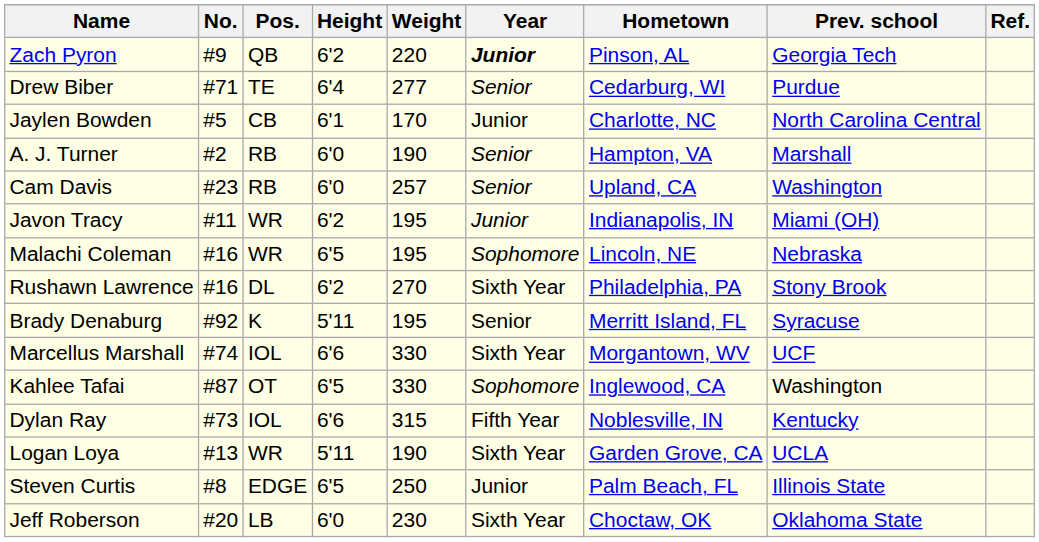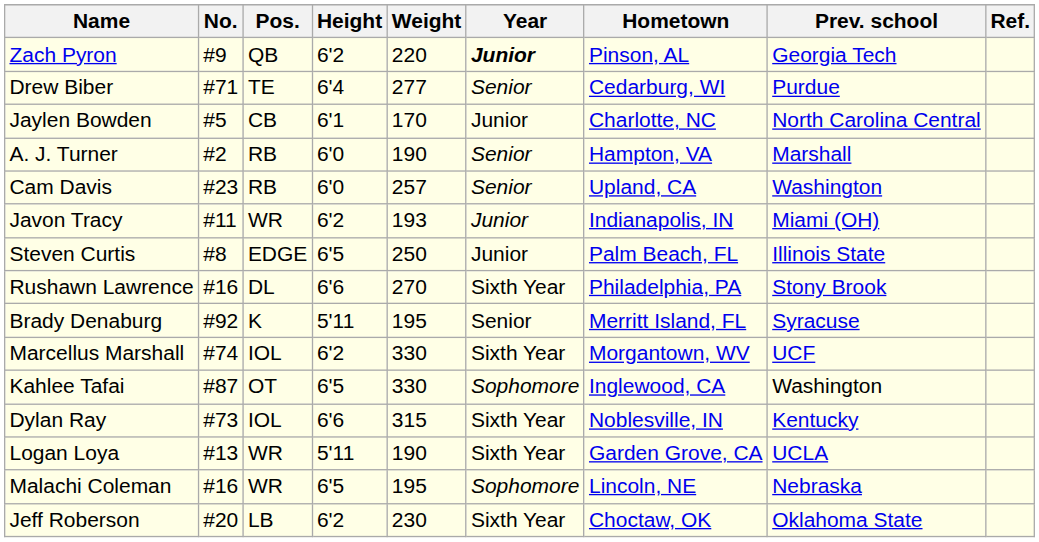 <table class="wikitable sortable sortable">
 <tr>
 </tr>
 <tr>
 <th style="text-align:center; ">Name</th>
 <th style="text-align:center; ">No.</th>
 <th style="text-align:center; ">Pos.</th>
 <th style="text-align:center; ">Height</th>
 <th style="text-align:center; ">Weight</th>
 <th style="text-align:center; ">Year</th>
 <th style="text-align:center; ">Hometown</th>
 <th style="text-align:center; ">Prev. school</th>
 <th style="text-align:center; ">Ref.</th>
 </tr>
 <tr style="background:#FFFFE6;">
 <td><a href='#'>Zach Pyron</a></td>
 <td>#9</td>
 <td>QB</td>
 <td>6'2</td>
 <td>220</td>
 <td><strong><em> Junior</em></strong></td>
 <td><a href='#'>Pinson, AL</a></td>
 <td><a href='#'>Georgia Tech</a></td>
 <td></td>
 </tr>
 <tr style="background:#FFFFE6;">
 <td>Drew Biber</td>
 <td>#71</td>
 <td>TE</td>
 <td>6'4</td>
 <td>277</td>
 <td><em> Senior</em></td>
 <td><a href='#'>Cedarburg, WI</a></td>
 <td><a href='#'>Purdue</a></td>
 <td></td>
 </tr>
 <tr style="background:#FFFFE6;">
 <td>Jaylen Bowden</td>
 <td>#5</td>
 <td>CB</td>
 <td>6'1</td>
 <td>170</td>
 <td>Junior</td>
 <td><a href='#'>Charlotte, NC</a></td>
 <td><a href='#'>North Carolina Central</a></td>
 <td></td>
 </tr>
 <tr style="background:#FFFFE6;">
 <td>A. J. Turner</td>
 <td>#2</td>
 <td>RB</td>
 <td>6'0</td>
 <td>190</td>
 <td><em> Senior</em></td>
 <td><a href='#'>Hampton, VA</a></td>
 <td><a href='#'>Marshall</a></td>
 <td></td>
 </tr>
 <tr style="background:#FFFFE6;">
 <td>Cam Davis</td>
 <td>#23</td>
 <td>RB</td>
 <td>6'0</td>
 <td>257</td>
 <td><em> Senior</em></td>
 <td><a href='#'>Upland, CA</a></td>
 <td><a href='#'>Washington</a></td>
 <td></td>
 </tr>
 <tr style="background:#FFFFE6;">
 <td>Javon Tracy</td>
 <td>#11</td>
 <td>WR</td>
 <td>6'2</td>
-<td>195</td>
+<td>193</td>
 <td><em> Junior</em></td>
 <td><a href='#'>Indianapolis, IN</a></td>
 <td><a href='#'>Miami (OH)</a></td>
 <td></td>
 </tr>
 <tr style="background:#FFFFE6;">
-<td>Malachi Coleman</td>
-<td>#16</td>
-<td>WR</td>
+<td>Steven Curtis</td>
+<td>#8</td>
+<td>EDGE</td>
 <td>6'5</td>
-<td>195</td>
-<td><em> Sophomore</em></td>
-<td><a href='#'>Lincoln, NE</a></td>
-<td><a href='#'>Nebraska</a></td>
+<td>250</td>
+<td>Junior</td>
+<td><a href='#'>Palm Beach, FL</a></td>
+<td><a href='#'>Illinois State</a></td>
 <td></td>
 </tr>
 <tr style="background:#FFFFE6;">
 <td>Rushawn Lawrence</td>
 <td>#16</td>
 <td>DL</td>
-<td>6'2</td>
+<td>6'6</td>
 <td>270</td>
 <td>Sixth Year</td>
 <td><a href='#'>Philadelphia, PA</a></td>
 <td><a href='#'>Stony Brook</a></td>
 <td></td>
 </tr>
 <tr style="background:#FFFFE6;">
 <td>Brady Denaburg</td>
 <td>#92</td>
 <td>K</td>
 <td>5'11</td>
 <td>195</td>
 <td>Senior</td>
 <td><a href='#'>Merritt Island, FL</a></td>
 <td><a href='#'>Syracuse</a></td>
 <td></td>
 </tr>
 <tr style="background:#FFFFE6;">
 <td>Marcellus Marshall</td>
 <td>#74</td>
 <td>IOL</td>
-<td>6'6</td>
+<td>6'2</td>
 <td>330</td>
 <td>Sixth Year</td>
 <td><a href='#'>Morgantown, WV</a></td>
 <td><a href='#'>UCF</a></td>
 <td></td>
 </tr>
 <tr style="background:#FFFFE6;">
 <td>Kahlee Tafai</td>
 <td>#87</td>
 <td>OT</td>
 <td>6'5</td>
 <td>330</td>
 <td><em> Sophomore</em></td>
 <td><a href='#'>Inglewood, CA</a></td>
 <td>Washington</td>
 <td></td>
 </tr>
 <tr style="background:#FFFFE6;">
 <td>Dylan Ray</td>
 <td>#73</td>
 <td>IOL</td>
 <td>6'6</td>
 <td>315</td>
-<td>Fifth Year</td>
+<td>Sixth Year</td>
 <td><a href='#'>Noblesville, IN</a></td>
 <td><a href='#'>Kentucky</a></td>
 <td></td>
 </tr>
 <tr style="background:#FFFFE6;">
 <td>Logan Loya</td>
 <td>#13</td>
 <td>WR</td>
 <td>5'11</td>
 <td>190</td>
 <td>Sixth Year</td>
 <td><a href='#'>Garden Grove, CA</a></td>
 <td><a href='#'>UCLA</a></td>
 <td></td>
 </tr>
 <tr style="background:#FFFFE6;">
-<td>Steven Curtis</td>
-<td>#8</td>
-<td>EDGE</td>
+<td>Malachi Coleman</td>
+<td>#16</td>
+<td>WR</td>
 <td>6'5</td>
-<td>250</td>
-<td>Junior</td>
-<td><a href='#'>Palm Beach, FL</a></td>
-<td><a href='#'>Illinois State</a></td>
+<td>195</td>
+<td><em> Sophomore</em></td>
+<td><a href='#'>Lincoln, NE</a></td>
+<td><a href='#'>Nebraska</a></td>
 <td></td>
 </tr>
 <tr style="background:#FFFFE6;">
 <td>Jeff Roberson</td>
 <td>#20</td>
 <td>LB</td>
-<td>6'0</td>
+<td>6'2</td>
 <td>230</td>
 <td>Sixth Year</td>
 <td><a href='#'>Choctaw, OK</a></td>
 <td><a href='#'>Oklahoma State</a></td>
 <td></td>
 </tr>
 </table>
